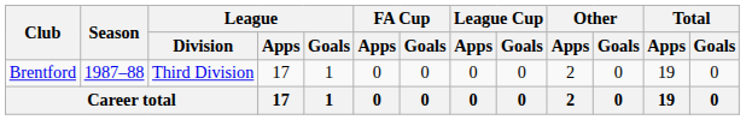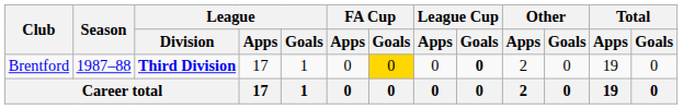 <table class="wikitable" style="text-align: center;">
 <tr>
 <th rowspan="2">Club</th>
 <th rowspan="2">Season</th>
 <th colspan="3">League</th>
 <th colspan="2">FA Cup</th>
 <th colspan="2">League Cup</th>
 <th colspan="2">Other</th>
 <th colspan="2">Total</th>
 </tr>
 <tr>
 <th>Division</th>
 <th>Apps</th>
 <th>Goals</th>
 <th>Apps</th>
 <th>Goals</th>
 <th>Apps</th>
 <th>Goals</th>
 <th>Apps</th>
 <th>Goals</th>
 <th>Apps</th>
 <th>Goals</th>
 </tr>
 <tr>
 <td><a href='#'>Brentford</a></td>
 <td><a href='#'>1987–88</a></td>
-<td><a href='#'>Third Division</a></td>
+<td><strong><a href='#'>Third Division</a></strong></td>
 <td>17</td>
 <td>1</td>
 <td>0</td>
+<td style="background: gold;">0</td>
 <td>0</td>
-<td>0</td>
-<td>0</td>
+<td><strong>0</strong></td>
 <td>2</td>
 <td>0</td>
 <td>19</td>
 <td>0</td>
 </tr>
 <tr>
 <th colspan="3">Career total</th>
 <th>17</th>
 <th>1</th>
 <th>0</th>
 <th>0</th>
 <th>0</th>
 <th>0</th>
 <th>2</th>
 <th>0</th>
 <th>19</th>
 <th>0</th>
 </tr>
 </table>
